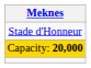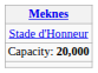 <table class="wikitable" style="text-align:center">
 <tr>
 <th><a href='#'>Meknes</a></th>
 </tr>
 <tr>
 <td><a href='#'>Stade d'Honneur</a></td>
 </tr>
 <tr>
-<td style="background: gold;">Capacity: <strong>20,000</strong></td>
+<td>Capacity: <strong>20,000</strong></td>
 </tr>
 <tr>
 <td></td>
 </tr>
 </table>
